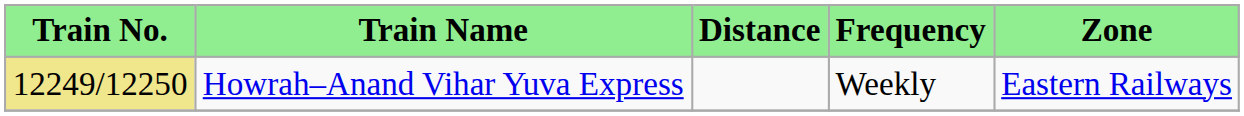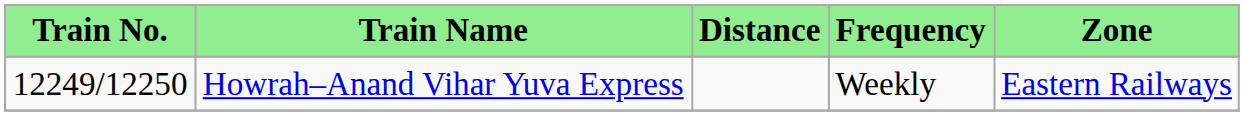 <table class="wikitable sortable">
 <tr>
 <th style="background-color:lightgreen;">Train No.</th>
 <th style="background-color:lightgreen;">Train Name</th>
 <th style="background-color:lightgreen;">Distance</th>
 <th style="background-color:lightgreen;">Frequency</th>
 <th style="background-color:lightgreen;">Zone</th>
 </tr>
 <tr>
-<td style="background: khaki;">12249/12250</td>
+<td>12249/12250</td>
 <td><a href='#'>Howrah–Anand Vihar Yuva Express</a></td>
 <td></td>
 <td>Weekly</td>
 <td><a href='#'>Eastern Railways</a></td>
 </tr>
 <tr>
 </tr>
 </table>
